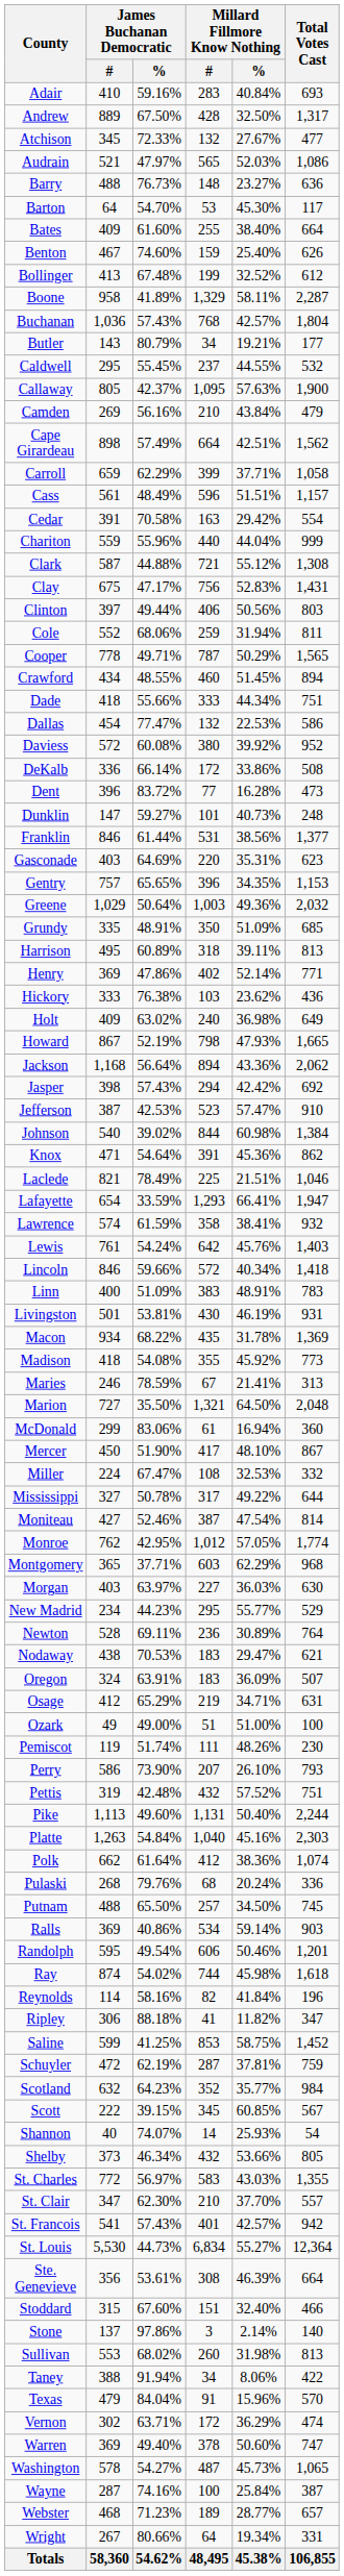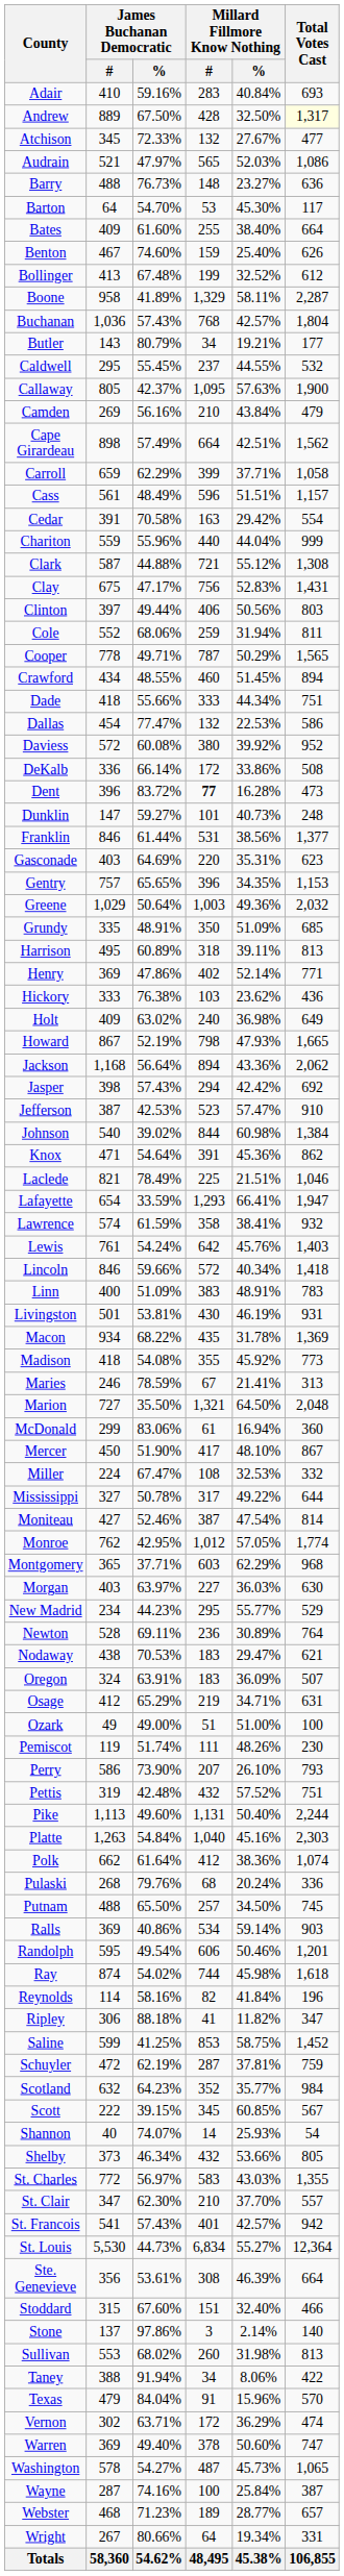 <table class="wikitable sortable" width="60%">
 <tr>
 <th rowspan="2">County</th>
 <th colspan="2">James Buchanan<br>Democratic</th>
 <th colspan="2">Millard Fillmore<br>Know Nothing</th>
 <th rowspan="2">Total Votes Cast</th>
 </tr>
 <tr>
 <th data-sort-type="number" style="text-align:center;">#</th>
 <th data-sort-type="number" style="text-align:center;">%</th>
 <th data-sort-type="number" style="text-align:center;">#</th>
 <th data-sort-type="number" style="text-align:center;">%</th>
 </tr>
 <tr style="text-align:center;">
 <td><a href='#'>Adair</a></td>
 <td>410</td>
 <td>59.16%</td>
 <td>283</td>
 <td>40.84%</td>
 <td>693</td>
 </tr>
 <tr style="text-align:center;">
 <td><a href='#'>Andrew</a></td>
 <td>889</td>
 <td>67.50%</td>
 <td>428</td>
 <td>32.50%</td>
-<td>1,317</td>
+<td style="background: lightyellow;">1,317</td>
 </tr>
 <tr style="text-align:center;">
 <td><a href='#'>Atchison</a></td>
 <td>345</td>
 <td>72.33%</td>
 <td>132</td>
 <td>27.67%</td>
 <td>477</td>
 </tr>
 <tr style="text-align:center;">
 <td><a href='#'>Audrain</a></td>
 <td>521</td>
 <td>47.97%</td>
 <td>565</td>
 <td>52.03%</td>
 <td>1,086</td>
 </tr>
 <tr style="text-align:center;">
 <td><a href='#'>Barry</a></td>
 <td>488</td>
 <td>76.73%</td>
 <td>148</td>
 <td>23.27%</td>
 <td>636</td>
 </tr>
 <tr style="text-align:center;">
 <td><a href='#'>Barton</a></td>
 <td>64</td>
 <td>54.70%</td>
 <td>53</td>
 <td>45.30%</td>
 <td>117</td>
 </tr>
 <tr style="text-align:center;">
 <td><a href='#'>Bates</a></td>
 <td>409</td>
 <td>61.60%</td>
 <td>255</td>
 <td>38.40%</td>
 <td>664</td>
 </tr>
 <tr style="text-align:center;">
 <td><a href='#'>Benton</a></td>
 <td>467</td>
 <td>74.60%</td>
 <td>159</td>
 <td>25.40%</td>
 <td>626</td>
 </tr>
 <tr style="text-align:center;">
 <td><a href='#'>Bollinger</a></td>
 <td>413</td>
 <td>67.48%</td>
 <td>199</td>
 <td>32.52%</td>
 <td>612</td>
 </tr>
 <tr style="text-align:center;">
 <td><a href='#'>Boone</a></td>
 <td>958</td>
 <td>41.89%</td>
 <td>1,329</td>
 <td>58.11%</td>
 <td>2,287</td>
 </tr>
 <tr style="text-align:center;">
 <td><a href='#'>Buchanan</a></td>
 <td>1,036</td>
 <td>57.43%</td>
 <td>768</td>
 <td>42.57%</td>
 <td>1,804</td>
 </tr>
 <tr style="text-align:center;">
 <td><a href='#'>Butler</a></td>
 <td>143</td>
 <td>80.79%</td>
 <td>34</td>
 <td>19.21%</td>
 <td>177</td>
 </tr>
 <tr style="text-align:center;">
 <td><a href='#'>Caldwell</a></td>
 <td>295</td>
 <td>55.45%</td>
 <td>237</td>
 <td>44.55%</td>
 <td>532</td>
 </tr>
 <tr style="text-align:center;">
 <td><a href='#'>Callaway</a></td>
 <td>805</td>
 <td>42.37%</td>
 <td>1,095</td>
 <td>57.63%</td>
 <td>1,900</td>
 </tr>
 <tr style="text-align:center;">
 <td><a href='#'>Camden</a></td>
 <td>269</td>
 <td>56.16%</td>
 <td>210</td>
 <td>43.84%</td>
 <td>479</td>
 </tr>
 <tr style="text-align:center;">
 <td><a href='#'>Cape Girardeau</a></td>
 <td>898</td>
 <td>57.49%</td>
 <td>664</td>
 <td>42.51%</td>
 <td>1,562</td>
 </tr>
 <tr style="text-align:center;">
 <td><a href='#'>Carroll</a></td>
 <td>659</td>
 <td>62.29%</td>
 <td>399</td>
 <td>37.71%</td>
 <td>1,058</td>
 </tr>
 <tr style="text-align:center;">
 <td><a href='#'>Cass</a></td>
 <td>561</td>
 <td>48.49%</td>
 <td>596</td>
 <td>51.51%</td>
 <td>1,157</td>
 </tr>
 <tr style="text-align:center;">
 <td><a href='#'>Cedar</a></td>
 <td>391</td>
 <td>70.58%</td>
 <td>163</td>
 <td>29.42%</td>
 <td>554</td>
 </tr>
 <tr style="text-align:center;">
 <td><a href='#'>Chariton</a></td>
 <td>559</td>
 <td>55.96%</td>
 <td>440</td>
 <td>44.04%</td>
 <td>999</td>
 </tr>
 <tr style="text-align:center;">
 <td><a href='#'>Clark</a></td>
 <td>587</td>
 <td>44.88%</td>
 <td>721</td>
 <td>55.12%</td>
 <td>1,308</td>
 </tr>
 <tr style="text-align:center;">
 <td><a href='#'>Clay</a></td>
 <td>675</td>
 <td>47.17%</td>
 <td>756</td>
 <td>52.83%</td>
 <td>1,431</td>
 </tr>
 <tr style="text-align:center;">
 <td><a href='#'>Clinton</a></td>
 <td>397</td>
 <td>49.44%</td>
 <td>406</td>
 <td>50.56%</td>
 <td>803</td>
 </tr>
 <tr style="text-align:center;">
 <td><a href='#'>Cole</a></td>
 <td>552</td>
 <td>68.06%</td>
 <td>259</td>
 <td>31.94%</td>
 <td>811</td>
 </tr>
 <tr style="text-align:center;">
 <td><a href='#'>Cooper</a></td>
 <td>778</td>
 <td>49.71%</td>
 <td>787</td>
 <td>50.29%</td>
 <td>1,565</td>
 </tr>
 <tr style="text-align:center;">
 <td><a href='#'>Crawford</a></td>
 <td>434</td>
 <td>48.55%</td>
 <td>460</td>
 <td>51.45%</td>
 <td>894</td>
 </tr>
 <tr style="text-align:center;">
 <td><a href='#'>Dade</a></td>
 <td>418</td>
 <td>55.66%</td>
 <td>333</td>
 <td>44.34%</td>
 <td>751</td>
 </tr>
 <tr style="text-align:center;">
 <td><a href='#'>Dallas</a></td>
 <td>454</td>
 <td>77.47%</td>
 <td>132</td>
 <td>22.53%</td>
 <td>586</td>
 </tr>
 <tr style="text-align:center;">
 <td><a href='#'>Daviess</a></td>
 <td>572</td>
 <td>60.08%</td>
 <td>380</td>
 <td>39.92%</td>
 <td>952</td>
 </tr>
 <tr style="text-align:center;">
 <td><a href='#'>DeKalb</a></td>
 <td>336</td>
 <td>66.14%</td>
 <td>172</td>
 <td>33.86%</td>
 <td>508</td>
 </tr>
 <tr style="text-align:center;">
 <td><a href='#'>Dent</a></td>
 <td>396</td>
 <td>83.72%</td>
-<td>77</td>
+<td><strong>77</strong></td>
 <td>16.28%</td>
 <td>473</td>
 </tr>
 <tr style="text-align:center;">
 <td><a href='#'>Dunklin</a></td>
 <td>147</td>
 <td>59.27%</td>
 <td>101</td>
 <td>40.73%</td>
 <td>248</td>
 </tr>
 <tr style="text-align:center;">
 <td><a href='#'>Franklin</a></td>
 <td>846</td>
 <td>61.44%</td>
 <td>531</td>
 <td>38.56%</td>
 <td>1,377</td>
 </tr>
 <tr style="text-align:center;">
 <td><a href='#'>Gasconade</a></td>
 <td>403</td>
 <td>64.69%</td>
 <td>220</td>
 <td>35.31%</td>
 <td>623</td>
 </tr>
 <tr style="text-align:center;">
 <td><a href='#'>Gentry</a></td>
 <td>757</td>
 <td>65.65%</td>
 <td>396</td>
 <td>34.35%</td>
 <td>1,153</td>
 </tr>
 <tr style="text-align:center;">
 <td><a href='#'>Greene</a></td>
 <td>1,029</td>
 <td>50.64%</td>
 <td>1,003</td>
 <td>49.36%</td>
 <td>2,032</td>
 </tr>
 <tr style="text-align:center;">
 <td><a href='#'>Grundy</a></td>
 <td>335</td>
 <td>48.91%</td>
 <td>350</td>
 <td>51.09%</td>
 <td>685</td>
 </tr>
 <tr style="text-align:center;">
 <td><a href='#'>Harrison</a></td>
 <td>495</td>
 <td>60.89%</td>
 <td>318</td>
 <td>39.11%</td>
 <td>813</td>
 </tr>
 <tr style="text-align:center;">
 <td><a href='#'>Henry</a></td>
 <td>369</td>
 <td>47.86%</td>
 <td>402</td>
 <td>52.14%</td>
 <td>771</td>
 </tr>
 <tr style="text-align:center;">
 <td><a href='#'>Hickory</a></td>
 <td>333</td>
 <td>76.38%</td>
 <td>103</td>
 <td>23.62%</td>
 <td>436</td>
 </tr>
 <tr style="text-align:center;">
 <td><a href='#'>Holt</a></td>
 <td>409</td>
 <td>63.02%</td>
 <td>240</td>
 <td>36.98%</td>
 <td>649</td>
 </tr>
 <tr style="text-align:center;">
 <td><a href='#'>Howard</a></td>
 <td>867</td>
 <td>52.19%</td>
 <td>798</td>
 <td>47.93%</td>
 <td>1,665</td>
 </tr>
 <tr style="text-align:center;">
 <td><a href='#'>Jackson</a></td>
 <td>1,168</td>
 <td>56.64%</td>
 <td>894</td>
 <td>43.36%</td>
 <td>2,062</td>
 </tr>
 <tr style="text-align:center;">
 <td><a href='#'>Jasper</a></td>
 <td>398</td>
 <td>57.43%</td>
 <td>294</td>
 <td>42.42%</td>
 <td>692</td>
 </tr>
 <tr style="text-align:center;">
 <td><a href='#'>Jefferson</a></td>
 <td>387</td>
 <td>42.53%</td>
 <td>523</td>
 <td>57.47%</td>
 <td>910</td>
 </tr>
 <tr style="text-align:center;">
 <td><a href='#'>Johnson</a></td>
 <td>540</td>
 <td>39.02%</td>
 <td>844</td>
 <td>60.98%</td>
 <td>1,384</td>
 </tr>
 <tr style="text-align:center;">
 <td><a href='#'>Knox</a></td>
 <td>471</td>
 <td>54.64%</td>
 <td>391</td>
 <td>45.36%</td>
 <td>862</td>
 </tr>
 <tr style="text-align:center;">
 <td><a href='#'>Laclede</a></td>
 <td>821</td>
 <td>78.49%</td>
 <td>225</td>
 <td>21.51%</td>
 <td>1,046</td>
 </tr>
 <tr style="text-align:center;">
 <td><a href='#'>Lafayette</a></td>
 <td>654</td>
 <td>33.59%</td>
 <td>1,293</td>
 <td>66.41%</td>
 <td>1,947</td>
 </tr>
 <tr style="text-align:center;">
 <td><a href='#'>Lawrence</a></td>
 <td>574</td>
 <td>61.59%</td>
 <td>358</td>
 <td>38.41%</td>
 <td>932</td>
 </tr>
 <tr style="text-align:center;">
 <td><a href='#'>Lewis</a></td>
 <td>761</td>
 <td>54.24%</td>
 <td>642</td>
 <td>45.76%</td>
 <td>1,403</td>
 </tr>
 <tr style="text-align:center;">
 <td><a href='#'>Lincoln</a></td>
 <td>846</td>
 <td>59.66%</td>
 <td>572</td>
 <td>40.34%</td>
 <td>1,418</td>
 </tr>
 <tr style="text-align:center;">
 <td><a href='#'>Linn</a></td>
 <td>400</td>
 <td>51.09%</td>
 <td>383</td>
 <td>48.91%</td>
 <td>783</td>
 </tr>
 <tr style="text-align:center;">
 <td><a href='#'>Livingston</a></td>
 <td>501</td>
 <td>53.81%</td>
 <td>430</td>
 <td>46.19%</td>
 <td>931</td>
 </tr>
 <tr style="text-align:center;">
 <td><a href='#'>Macon</a></td>
 <td>934</td>
 <td>68.22%</td>
 <td>435</td>
 <td>31.78%</td>
 <td>1,369</td>
 </tr>
 <tr style="text-align:center;">
 <td><a href='#'>Madison</a></td>
 <td>418</td>
 <td>54.08%</td>
 <td>355</td>
 <td>45.92%</td>
 <td>773</td>
 </tr>
 <tr style="text-align:center;">
 <td><a href='#'>Maries</a></td>
 <td>246</td>
 <td>78.59%</td>
 <td>67</td>
 <td>21.41%</td>
 <td>313</td>
 </tr>
 <tr style="text-align:center;">
 <td><a href='#'>Marion</a></td>
 <td>727</td>
 <td>35.50%</td>
 <td>1,321</td>
 <td>64.50%</td>
 <td>2,048</td>
 </tr>
 <tr style="text-align:center;">
 <td><a href='#'>McDonald</a></td>
 <td>299</td>
 <td>83.06%</td>
 <td>61</td>
 <td>16.94%</td>
 <td>360</td>
 </tr>
 <tr style="text-align:center;">
 <td><a href='#'>Mercer</a></td>
 <td>450</td>
 <td>51.90%</td>
 <td>417</td>
 <td>48.10%</td>
 <td>867</td>
 </tr>
 <tr style="text-align:center;">
 <td><a href='#'>Miller</a></td>
 <td>224</td>
 <td>67.47%</td>
 <td>108</td>
 <td>32.53%</td>
 <td>332</td>
 </tr>
 <tr style="text-align:center;">
 <td><a href='#'>Mississippi</a></td>
 <td>327</td>
 <td>50.78%</td>
 <td>317</td>
 <td>49.22%</td>
 <td>644</td>
 </tr>
 <tr style="text-align:center;">
 <td><a href='#'>Moniteau</a></td>
 <td>427</td>
 <td>52.46%</td>
 <td>387</td>
 <td>47.54%</td>
 <td>814</td>
 </tr>
 <tr style="text-align:center;">
 <td><a href='#'>Monroe</a></td>
 <td>762</td>
 <td>42.95%</td>
 <td>1,012</td>
 <td>57.05%</td>
 <td>1,774</td>
 </tr>
 <tr style="text-align:center;">
 <td><a href='#'>Montgomery</a></td>
 <td>365</td>
 <td>37.71%</td>
 <td>603</td>
 <td>62.29%</td>
 <td>968</td>
 </tr>
 <tr style="text-align:center;">
 <td><a href='#'>Morgan</a></td>
 <td>403</td>
 <td>63.97%</td>
 <td>227</td>
 <td>36.03%</td>
 <td>630</td>
 </tr>
 <tr style="text-align:center;">
 <td><a href='#'>New Madrid</a></td>
 <td>234</td>
 <td>44.23%</td>
 <td>295</td>
 <td>55.77%</td>
 <td>529</td>
 </tr>
 <tr style="text-align:center;">
 <td><a href='#'>Newton</a></td>
 <td>528</td>
 <td>69.11%</td>
 <td>236</td>
 <td>30.89%</td>
 <td>764</td>
 </tr>
 <tr style="text-align:center;">
 <td><a href='#'>Nodaway</a></td>
 <td>438</td>
 <td>70.53%</td>
 <td>183</td>
 <td>29.47%</td>
 <td>621</td>
 </tr>
 <tr style="text-align:center;">
 <td><a href='#'>Oregon</a></td>
 <td>324</td>
 <td>63.91%</td>
 <td>183</td>
 <td>36.09%</td>
 <td>507</td>
 </tr>
 <tr style="text-align:center;">
 <td><a href='#'>Osage</a></td>
 <td>412</td>
 <td>65.29%</td>
 <td>219</td>
 <td>34.71%</td>
 <td>631</td>
 </tr>
 <tr style="text-align:center;">
 <td><a href='#'>Ozark</a></td>
 <td>49</td>
 <td>49.00%</td>
 <td>51</td>
 <td>51.00%</td>
 <td>100</td>
 </tr>
 <tr style="text-align:center;">
 <td><a href='#'>Pemiscot</a></td>
 <td>119</td>
 <td>51.74%</td>
 <td>111</td>
 <td>48.26%</td>
 <td>230</td>
 </tr>
 <tr style="text-align:center;">
 <td><a href='#'>Perry</a></td>
 <td>586</td>
 <td>73.90%</td>
 <td>207</td>
 <td>26.10%</td>
 <td>793</td>
 </tr>
 <tr style="text-align:center;">
 <td><a href='#'>Pettis</a></td>
 <td>319</td>
 <td>42.48%</td>
 <td>432</td>
 <td>57.52%</td>
 <td>751</td>
 </tr>
 <tr style="text-align:center;">
 <td><a href='#'>Pike</a></td>
 <td>1,113</td>
 <td>49.60%</td>
 <td>1,131</td>
 <td>50.40%</td>
 <td>2,244</td>
 </tr>
 <tr style="text-align:center;">
 <td><a href='#'>Platte</a></td>
 <td>1,263</td>
 <td>54.84%</td>
 <td>1,040</td>
 <td>45.16%</td>
 <td>2,303</td>
 </tr>
 <tr style="text-align:center;">
 <td><a href='#'>Polk</a></td>
 <td>662</td>
 <td>61.64%</td>
 <td>412</td>
 <td>38.36%</td>
 <td>1,074</td>
 </tr>
 <tr style="text-align:center;">
 <td><a href='#'>Pulaski</a></td>
 <td>268</td>
 <td>79.76%</td>
 <td>68</td>
 <td>20.24%</td>
 <td>336</td>
 </tr>
 <tr style="text-align:center;">
 <td><a href='#'>Putnam</a></td>
 <td>488</td>
 <td>65.50%</td>
 <td>257</td>
 <td>34.50%</td>
 <td>745</td>
 </tr>
 <tr style="text-align:center;">
 <td><a href='#'>Ralls</a></td>
 <td>369</td>
 <td>40.86%</td>
 <td>534</td>
 <td>59.14%</td>
 <td>903</td>
 </tr>
 <tr style="text-align:center;">
 <td><a href='#'>Randolph</a></td>
 <td>595</td>
 <td>49.54%</td>
 <td>606</td>
 <td>50.46%</td>
 <td>1,201</td>
 </tr>
 <tr style="text-align:center;">
 <td><a href='#'>Ray</a></td>
 <td>874</td>
 <td>54.02%</td>
 <td>744</td>
 <td>45.98%</td>
 <td>1,618</td>
 </tr>
 <tr style="text-align:center;">
 <td><a href='#'>Reynolds</a></td>
 <td>114</td>
 <td>58.16%</td>
 <td>82</td>
 <td>41.84%</td>
 <td>196</td>
 </tr>
 <tr style="text-align:center;">
 <td><a href='#'>Ripley</a></td>
 <td>306</td>
 <td>88.18%</td>
 <td>41</td>
 <td>11.82%</td>
 <td>347</td>
 </tr>
 <tr style="text-align:center;">
 <td><a href='#'>Saline</a></td>
 <td>599</td>
 <td>41.25%</td>
 <td>853</td>
 <td>58.75%</td>
 <td>1,452</td>
 </tr>
 <tr style="text-align:center;">
 <td><a href='#'>Schuyler</a></td>
 <td>472</td>
 <td>62.19%</td>
 <td>287</td>
 <td>37.81%</td>
 <td>759</td>
 </tr>
 <tr style="text-align:center;">
 <td><a href='#'>Scotland</a></td>
 <td>632</td>
 <td>64.23%</td>
 <td>352</td>
 <td>35.77%</td>
 <td>984</td>
 </tr>
 <tr style="text-align:center;">
 <td><a href='#'>Scott</a></td>
 <td>222</td>
 <td>39.15%</td>
 <td>345</td>
 <td>60.85%</td>
 <td>567</td>
 </tr>
 <tr style="text-align:center;">
 <td><a href='#'>Shannon</a></td>
 <td>40</td>
 <td>74.07%</td>
 <td>14</td>
 <td>25.93%</td>
 <td>54</td>
 </tr>
 <tr style="text-align:center;">
 <td><a href='#'>Shelby</a></td>
 <td>373</td>
 <td>46.34%</td>
 <td>432</td>
 <td>53.66%</td>
 <td>805</td>
 </tr>
 <tr style="text-align:center;">
 <td><a href='#'>St. Charles</a></td>
 <td>772</td>
 <td>56.97%</td>
 <td>583</td>
 <td>43.03%</td>
 <td>1,355</td>
 </tr>
 <tr style="text-align:center;">
 <td><a href='#'>St. Clair</a></td>
 <td>347</td>
 <td>62.30%</td>
 <td>210</td>
 <td>37.70%</td>
 <td>557</td>
 </tr>
 <tr style="text-align:center;">
 <td><a href='#'>St. Francois</a></td>
 <td>541</td>
 <td>57.43%</td>
 <td>401</td>
 <td>42.57%</td>
 <td>942</td>
 </tr>
 <tr style="text-align:center;">
 <td><a href='#'>St. Louis</a></td>
 <td>5,530</td>
 <td>44.73%</td>
 <td>6,834</td>
 <td>55.27%</td>
 <td>12,364</td>
 </tr>
 <tr style="text-align:center;">
 <td><a href='#'>Ste. Genevieve</a></td>
 <td>356</td>
 <td>53.61%</td>
 <td>308</td>
 <td>46.39%</td>
 <td>664</td>
 </tr>
 <tr style="text-align:center;">
 <td><a href='#'>Stoddard</a></td>
 <td>315</td>
 <td>67.60%</td>
 <td>151</td>
 <td>32.40%</td>
 <td>466</td>
 </tr>
 <tr style="text-align:center;">
 <td><a href='#'>Stone</a></td>
 <td>137</td>
 <td>97.86%</td>
 <td>3</td>
 <td>2.14%</td>
 <td>140</td>
 </tr>
 <tr style="text-align:center;">
 <td><a href='#'>Sullivan</a></td>
 <td>553</td>
 <td>68.02%</td>
 <td>260</td>
 <td>31.98%</td>
 <td>813</td>
 </tr>
 <tr style="text-align:center;">
 <td><a href='#'>Taney</a></td>
 <td>388</td>
 <td>91.94%</td>
 <td>34</td>
 <td>8.06%</td>
 <td>422</td>
 </tr>
 <tr style="text-align:center;">
 <td><a href='#'>Texas</a></td>
 <td>479</td>
 <td>84.04%</td>
 <td>91</td>
 <td>15.96%</td>
 <td>570</td>
 </tr>
 <tr style="text-align:center;">
 <td><a href='#'>Vernon</a></td>
 <td>302</td>
 <td>63.71%</td>
 <td>172</td>
 <td>36.29%</td>
 <td>474</td>
 </tr>
 <tr style="text-align:center;">
 <td><a href='#'>Warren</a></td>
 <td>369</td>
 <td>49.40%</td>
 <td>378</td>
 <td>50.60%</td>
 <td>747</td>
 </tr>
 <tr style="text-align:center;">
 <td><a href='#'>Washington</a></td>
 <td>578</td>
 <td>54.27%</td>
 <td>487</td>
 <td>45.73%</td>
 <td>1,065</td>
 </tr>
 <tr style="text-align:center;">
 <td><a href='#'>Wayne</a></td>
 <td>287</td>
 <td>74.16%</td>
 <td>100</td>
 <td>25.84%</td>
 <td>387</td>
 </tr>
 <tr style="text-align:center;">
 <td><a href='#'>Webster</a></td>
 <td>468</td>
 <td>71.23%</td>
 <td>189</td>
 <td>28.77%</td>
 <td>657</td>
 </tr>
 <tr style="text-align:center;">
 <td><a href='#'>Wright</a></td>
 <td>267</td>
 <td>80.66%</td>
 <td>64</td>
 <td>19.34%</td>
 <td>331</td>
 </tr>
 <tr>
 <th>Totals</th>
 <th>58,360</th>
 <th>54.62%</th>
 <th>48,495</th>
 <th>45.38%</th>
 <th>106,855</th>
 </tr>
 </table>
